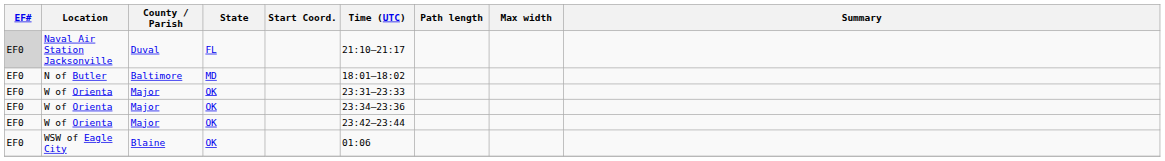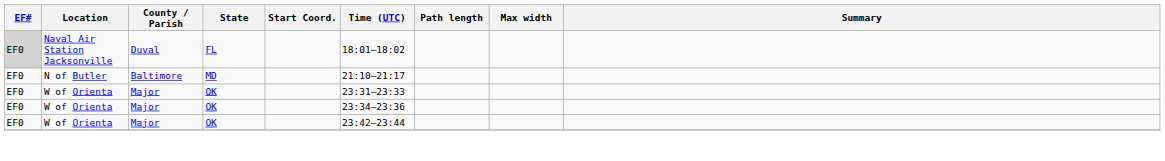 <table class="wikitable sortable" style="width:100%;">
 <tr>
 <th scope="col"  style="width:3%; text-align:center;"><a href='#'>EF#</a></th>
 <th scope="col"  style="width:7%; text-align:center;" class="unsortable">Location</th>
 <th scope="col"  style="width:6%; text-align:center;" class="unsortable">County / Parish</th>
 <th scope="col"  style="width:5%; text-align:center;">State</th>
 <th scope="col"  style="width:6%; text-align:center;">Start Coord.</th>
 <th scope="col"  style="width:6%; text-align:center;">Time (<a href='#'>UTC</a>)</th>
 <th scope="col"  style="width:6%; text-align:center;">Path length</th>
 <th scope="col"  style="width:6%; text-align:center;">Max width</th>
 <th scope="col" class="unsortable" style="width:48%; text-align:center;">Summary</th>
 </tr>
 <tr>
 <td style="background: lightgrey;">EF0</td>
 <td><a href='#'>Naval Air Station Jacksonville</a></td>
 <td><a href='#'>Duval</a></td>
 <td><a href='#'>FL</a></td>
 <td></td>
-<td>21:10–21:17</td>
+<td>18:01–18:02</td>
 <td></td>
 <td></td>
 <td></td>
 </tr>
 <tr>
 <td>EF0</td>
 <td>N of <a href='#'>Butler</a></td>
 <td><a href='#'>Baltimore</a></td>
 <td><a href='#'>MD</a></td>
 <td></td>
-<td>18:01–18:02</td>
+<td>21:10–21:17</td>
 <td></td>
 <td></td>
 <td></td>
 </tr>
 <tr>
 <td>EF0</td>
 <td>W of <a href='#'>Orienta</a></td>
 <td><a href='#'>Major</a></td>
 <td><a href='#'>OK</a></td>
 <td></td>
 <td>23:31–23:33</td>
 <td></td>
 <td></td>
 <td></td>
 </tr>
 <tr>
 <td>EF0</td>
 <td>W of <a href='#'>Orienta</a></td>
 <td><a href='#'>Major</a></td>
 <td><a href='#'>OK</a></td>
 <td></td>
 <td>23:34–23:36</td>
 <td></td>
 <td></td>
 <td></td>
 </tr>
 <tr>
 <td>EF0</td>
 <td>W of <a href='#'>Orienta</a></td>
 <td><a href='#'>Major</a></td>
 <td><a href='#'>OK</a></td>
 <td></td>
 <td>23:42–23:44</td>
 <td></td>
 <td></td>
 <td></td>
 </tr>
 <tr>
-<td>EF0</td>
-<td>WSW of <a href='#'>Eagle City</a></td>
-<td><a href='#'>Blaine</a></td>
-<td><a href='#'>OK</a></td>
-<td></td>
-<td>01:06</td>
-<td></td>
-<td></td>
-<td></td>
-</tr>
-<tr>
 </tr>
 </table>
